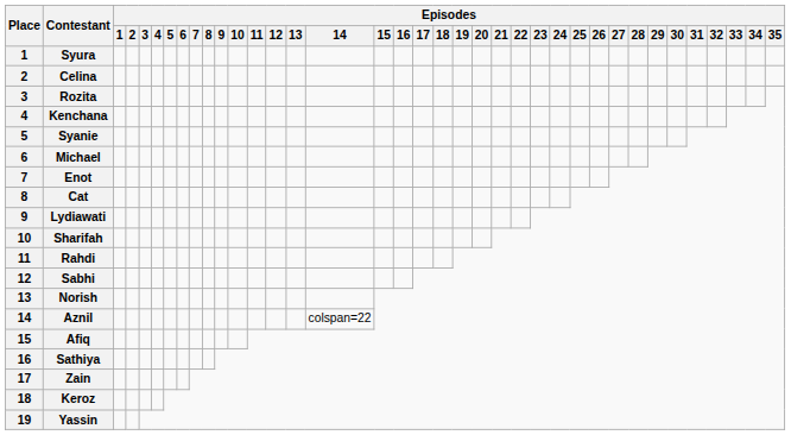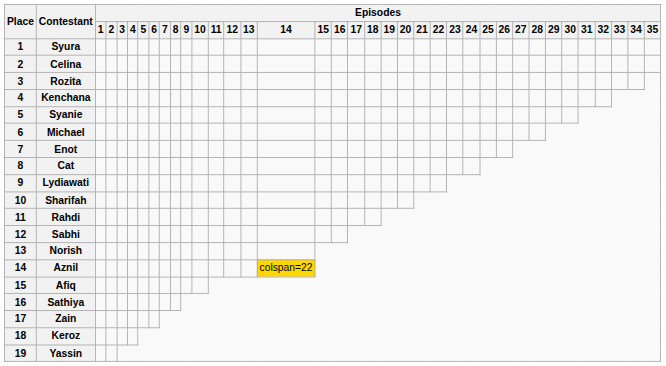 <table class="wikitable" style="text-align:center; font-size:9.0pt">
 <tr>
 <th rowspan="2">Place</th>
 <th rowspan="2">Contestant</th>
 <th colspan="35">Episodes</th>
 </tr>
 <tr>
 <th>1</th>
 <th>2</th>
 <th>3</th>
 <th>4</th>
 <th>5</th>
 <th>6</th>
 <th>7</th>
 <th>8</th>
 <th>9</th>
 <th>10</th>
 <th>11</th>
 <th>12</th>
 <th>13</th>
 <th>14</th>
 <th>15</th>
 <th>16</th>
 <th>17</th>
 <th>18</th>
 <th>19</th>
 <th>20</th>
 <th>21</th>
 <th>22</th>
 <th>23</th>
 <th>24</th>
 <th>25</th>
 <th>26</th>
 <th>27</th>
 <th>28</th>
 <th>29</th>
 <th>30</th>
 <th>31</th>
 <th>32</th>
 <th>33</th>
 <th>34</th>
 <th>35</th>
 </tr>
 <tr>
 <th>1</th>
 <th>Syura</th>
 <td></td>
 <td></td>
 <td></td>
 <td></td>
 <td></td>
 <td></td>
 <td></td>
 <td></td>
 <td></td>
 <td></td>
 <td></td>
 <td></td>
 <td></td>
 <td></td>
 <td></td>
 <td></td>
 <td></td>
 <td></td>
 <td></td>
 <td></td>
 <td></td>
 <td></td>
 <td></td>
 <td></td>
 <td></td>
 <td></td>
 <td></td>
 <td></td>
 <td></td>
 <td></td>
 <td></td>
 <td></td>
 <td></td>
 <td></td>
 <td></td>
 </tr>
 <tr>
 <th>2</th>
 <th>Celina</th>
 <td></td>
 <td></td>
 <td></td>
 <td></td>
 <td></td>
 <td></td>
 <td></td>
 <td></td>
 <td></td>
 <td></td>
 <td></td>
 <td></td>
 <td></td>
 <td></td>
 <td></td>
 <td></td>
 <td></td>
 <td></td>
 <td></td>
 <td></td>
 <td></td>
 <td></td>
 <td></td>
 <td></td>
 <td></td>
 <td></td>
 <td></td>
 <td></td>
 <td></td>
 <td></td>
 <td></td>
 <td></td>
 <td></td>
 <td></td>
 <td></td>
 </tr>
 <tr>
 <th>3</th>
 <th>Rozita</th>
 <td></td>
 <td></td>
 <td></td>
 <td></td>
 <td></td>
 <td></td>
 <td></td>
 <td></td>
 <td></td>
 <td></td>
 <td></td>
 <td></td>
 <td></td>
 <td></td>
 <td></td>
 <td></td>
 <td></td>
 <td></td>
 <td></td>
 <td></td>
 <td></td>
 <td></td>
 <td></td>
 <td></td>
 <td></td>
 <td></td>
 <td></td>
 <td></td>
 <td></td>
 <td></td>
 <td></td>
 <td></td>
 <td></td>
 <td></td>
 </tr>
 <tr>
 <th>4</th>
 <th>Kenchana</th>
 <td></td>
 <td></td>
 <td></td>
 <td></td>
 <td></td>
 <td></td>
 <td></td>
 <td></td>
 <td></td>
 <td></td>
 <td></td>
 <td></td>
 <td></td>
 <td></td>
 <td></td>
 <td></td>
 <td></td>
 <td></td>
 <td></td>
 <td></td>
 <td></td>
 <td></td>
 <td></td>
 <td></td>
 <td></td>
 <td></td>
 <td></td>
 <td></td>
 <td></td>
 <td></td>
 <td></td>
 <td></td>
 </tr>
 <tr>
 <th>5</th>
 <th>Syanie</th>
 <td></td>
 <td></td>
 <td></td>
 <td></td>
 <td></td>
 <td></td>
 <td></td>
 <td></td>
 <td></td>
 <td></td>
 <td></td>
 <td></td>
 <td></td>
 <td></td>
 <td></td>
 <td></td>
 <td></td>
 <td></td>
 <td></td>
 <td></td>
 <td></td>
 <td></td>
 <td></td>
 <td></td>
 <td></td>
 <td></td>
 <td></td>
 <td></td>
 <td></td>
 <td></td>
 </tr>
 <tr>
 <th>6</th>
 <th>Michael</th>
 <td></td>
 <td></td>
 <td></td>
 <td></td>
 <td></td>
 <td></td>
 <td></td>
 <td></td>
 <td></td>
 <td></td>
 <td></td>
 <td></td>
 <td></td>
 <td></td>
 <td></td>
 <td></td>
 <td></td>
 <td></td>
 <td></td>
 <td></td>
 <td></td>
 <td></td>
 <td></td>
 <td></td>
 <td></td>
 <td></td>
 <td></td>
 <td></td>
 </tr>
 <tr>
 <th>7</th>
 <th>Enot</th>
 <td></td>
 <td></td>
 <td></td>
 <td></td>
 <td></td>
 <td></td>
 <td></td>
 <td></td>
 <td></td>
 <td></td>
 <td></td>
 <td></td>
 <td></td>
 <td></td>
 <td></td>
 <td></td>
 <td></td>
 <td></td>
 <td></td>
 <td></td>
 <td></td>
 <td></td>
 <td></td>
 <td></td>
 <td></td>
 <td></td>
 </tr>
 <tr>
 <th>8</th>
 <th>Cat</th>
 <td></td>
 <td></td>
 <td></td>
 <td></td>
 <td></td>
 <td></td>
 <td></td>
 <td></td>
 <td></td>
 <td></td>
 <td></td>
 <td></td>
 <td></td>
 <td></td>
 <td></td>
 <td></td>
 <td></td>
 <td></td>
 <td></td>
 <td></td>
 <td></td>
 <td></td>
 <td></td>
 <td></td>
 </tr>
 <tr>
 <th>9</th>
 <th>Lydiawati</th>
 <td></td>
 <td></td>
 <td></td>
 <td></td>
 <td></td>
 <td></td>
 <td></td>
 <td></td>
 <td></td>
 <td></td>
 <td></td>
 <td></td>
 <td></td>
 <td></td>
 <td></td>
 <td></td>
 <td></td>
 <td></td>
 <td></td>
 <td></td>
 <td></td>
 <td></td>
 </tr>
 <tr>
 <th>10</th>
 <th>Sharifah</th>
 <td></td>
 <td></td>
 <td></td>
 <td></td>
 <td></td>
 <td></td>
 <td></td>
 <td></td>
 <td></td>
 <td></td>
 <td></td>
 <td></td>
 <td></td>
 <td></td>
 <td></td>
 <td></td>
 <td></td>
 <td></td>
 <td></td>
 <td></td>
 </tr>
 <tr>
 <th>11</th>
 <th>Rahdi</th>
 <td></td>
 <td></td>
 <td></td>
 <td></td>
 <td></td>
 <td></td>
 <td></td>
 <td></td>
 <td></td>
 <td></td>
 <td></td>
 <td></td>
 <td></td>
 <td></td>
 <td></td>
 <td></td>
 <td></td>
 <td></td>
 </tr>
 <tr>
 <th>12</th>
 <th>Sabhi</th>
 <td></td>
 <td></td>
 <td></td>
 <td></td>
 <td></td>
 <td></td>
 <td></td>
 <td></td>
 <td></td>
 <td></td>
 <td></td>
 <td></td>
 <td></td>
 <td></td>
 <td></td>
 <td></td>
 </tr>
 <tr>
 <th>13</th>
 <th>Norish</th>
 <td></td>
 <td></td>
 <td></td>
 <td></td>
 <td></td>
 <td></td>
 <td></td>
 <td></td>
 <td></td>
 <td></td>
 <td></td>
 <td></td>
 <td></td>
 <td></td>
 </tr>
 <tr>
 <th>14</th>
 <th>Aznil</th>
 <td></td>
 <td></td>
 <td></td>
 <td></td>
 <td></td>
 <td></td>
 <td></td>
 <td></td>
 <td></td>
 <td></td>
 <td></td>
 <td></td>
 <td></td>
-<td>colspan=22 </td>
+<td style="background: gold;">colspan=22 </td>
 </tr>
 <tr>
 <th>15</th>
 <th>Afiq</th>
 <td></td>
 <td></td>
 <td></td>
 <td></td>
 <td></td>
 <td></td>
 <td></td>
 <td></td>
 <td></td>
 <td></td>
 </tr>
 <tr>
 <th>16</th>
 <th>Sathiya</th>
 <td></td>
 <td></td>
 <td></td>
 <td></td>
 <td></td>
 <td></td>
 <td></td>
 <td></td>
 </tr>
 <tr>
 <th>17</th>
 <th>Zain</th>
 <td></td>
 <td></td>
 <td></td>
 <td></td>
 <td></td>
 <td></td>
 </tr>
 <tr>
 <th>18</th>
 <th>Keroz</th>
 <td></td>
 <td></td>
 <td></td>
 <td></td>
 </tr>
 <tr>
 <th>19</th>
 <th>Yassin</th>
 <td></td>
 <td></td>
 </tr>
 </table>
